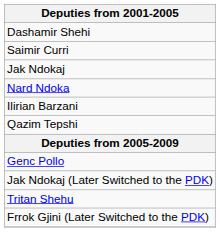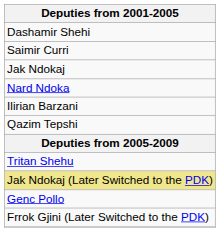 <table class="wikitable">
 <tr>
 <th>Deputies from 2001-2005</th>
 </tr>
 <tr>
 <td>Dashamir Shehi</td>
 </tr>
 <tr>
 <td>Saimir Curri</td>
 </tr>
 <tr>
 <td>Jak Ndokaj</td>
 </tr>
 <tr>
 <td><a href='#'>Nard Ndoka</a></td>
 </tr>
 <tr>
 <td>Ilirian Barzani</td>
 </tr>
 <tr>
 <td>Qazim Tepshi</td>
 </tr>
 <tr>
 <th>Deputies from 2005-2009</th>
 </tr>
 <tr>
-<td><a href='#'>Genc Pollo</a></td>
+<td><a href='#'>Tritan Shehu</a></td>
 </tr>
 <tr>
-<td>Jak Ndokaj (Later Switched to the <a href='#'>PDK</a>)</td>
+<td style="background: khaki;">Jak Ndokaj (Later Switched to the <a href='#'>PDK</a>)</td>
 </tr>
 <tr>
-<td><a href='#'>Tritan Shehu</a></td>
+<td><a href='#'>Genc Pollo</a></td>
 </tr>
 <tr>
 <td>Frrok Gjini (Later Switched to the <a href='#'>PDK</a>)</td>
 </tr>
 <tr>
 </tr>
 </table>
